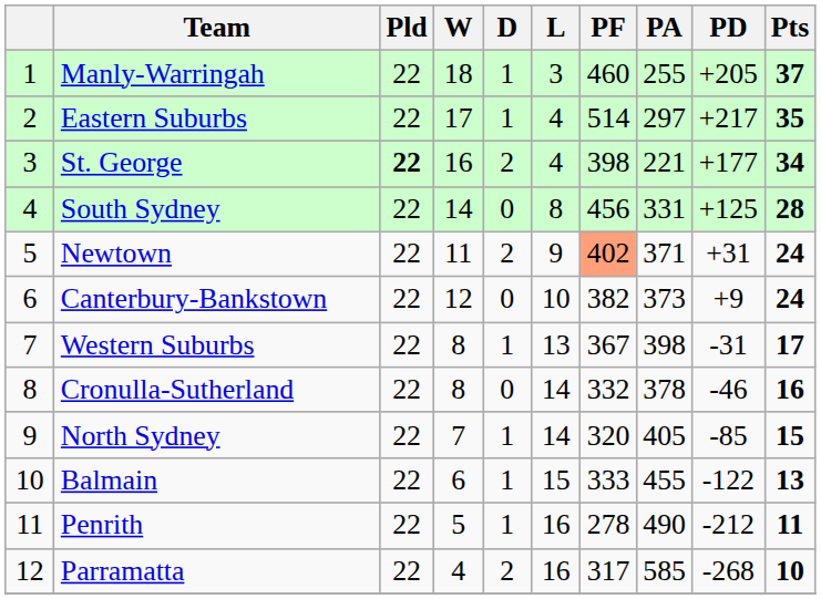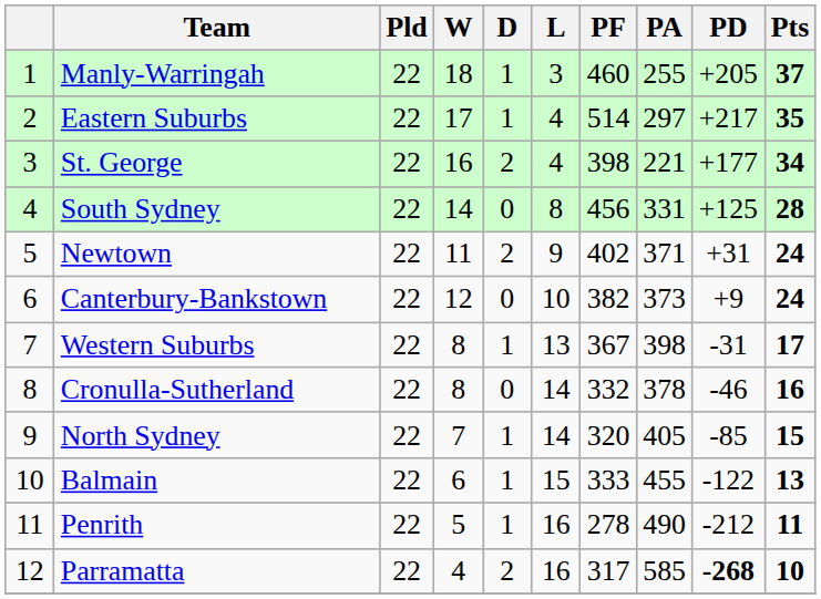 <table class="wikitable" style="text-align:center;">
 <tr>
 <th width=20 abbr="Position×"></th>
 <th width=175>Team</th>
 <th width=20 abbr="Played">Pld</th>
 <th width=20 abbr="Won">W</th>
 <th width=20 abbr="Drawn">D</th>
 <th width=20 abbr="Lost">L</th>
 <th width=20 abbr="Points for">PF</th>
 <th width=20 abbr="Points against">PA</th>
 <th width=20 abbr="Points difference">PD</th>
 <th width=20 abbr="Points">Pts</th>
 </tr>
 <tr style="background: #ccffcc;">
 <td>1</td>
 <td style="text-align:left;"> <a href='#'>Manly-Warringah</a></td>
 <td>22</td>
 <td>18</td>
 <td>1</td>
 <td>3</td>
 <td>460</td>
 <td>255</td>
 <td>+205</td>
 <td><strong>37</strong></td>
 </tr>
 <tr style="background: #ccffcc;">
 <td>2</td>
 <td style="text-align:left;"> <a href='#'>Eastern Suburbs</a></td>
 <td>22</td>
 <td>17</td>
 <td>1</td>
 <td>4</td>
 <td>514</td>
 <td>297</td>
 <td>+217</td>
 <td><strong>35</strong></td>
 </tr>
 <tr style="background: #ccffcc;">
 <td>3</td>
 <td style="text-align:left;"> <a href='#'>St. George</a></td>
-<td><strong>22</strong></td>
+<td>22</td>
 <td>16</td>
 <td>2</td>
 <td>4</td>
 <td>398</td>
 <td>221</td>
 <td>+177</td>
 <td><strong>34</strong></td>
 </tr>
 <tr style="background: #ccffcc;">
 <td>4</td>
 <td style="text-align:left;"> <a href='#'>South Sydney</a></td>
 <td>22</td>
 <td>14</td>
 <td>0</td>
 <td>8</td>
 <td>456</td>
 <td>331</td>
 <td>+125</td>
 <td><strong>28</strong></td>
 </tr>
 <tr>
 <td>5</td>
 <td style="text-align:left;"> <a href='#'>Newtown</a></td>
 <td>22</td>
 <td>11</td>
 <td>2</td>
 <td>9</td>
-<td style="background: lightsalmon;">402</td>
+<td>402</td>
 <td>371</td>
 <td>+31</td>
 <td><strong>24</strong></td>
 </tr>
 <tr>
 <td>6</td>
 <td style="text-align:left;"> <a href='#'>Canterbury-Bankstown</a></td>
 <td>22</td>
 <td>12</td>
 <td>0</td>
 <td>10</td>
 <td>382</td>
 <td>373</td>
 <td>+9</td>
 <td><strong>24</strong></td>
 </tr>
 <tr>
 <td>7</td>
 <td style="text-align:left;"> <a href='#'>Western Suburbs</a></td>
 <td>22</td>
 <td>8</td>
 <td>1</td>
 <td>13</td>
 <td>367</td>
 <td>398</td>
 <td>-31</td>
 <td><strong>17</strong></td>
 </tr>
 <tr>
 <td>8</td>
 <td style="text-align:left;"> <a href='#'>Cronulla-Sutherland</a></td>
 <td>22</td>
 <td>8</td>
 <td>0</td>
 <td>14</td>
 <td>332</td>
 <td>378</td>
 <td>-46</td>
 <td><strong>16</strong></td>
 </tr>
 <tr>
 <td>9</td>
 <td style="text-align:left;"> <a href='#'>North Sydney</a></td>
 <td>22</td>
 <td>7</td>
 <td>1</td>
 <td>14</td>
 <td>320</td>
 <td>405</td>
 <td>-85</td>
 <td><strong>15</strong></td>
 </tr>
 <tr>
 <td>10</td>
 <td style="text-align:left;"> <a href='#'>Balmain</a></td>
 <td>22</td>
 <td>6</td>
 <td>1</td>
 <td>15</td>
 <td>333</td>
 <td>455</td>
 <td>-122</td>
 <td><strong>13</strong></td>
 </tr>
 <tr>
 <td>11</td>
 <td style="text-align:left;"> <a href='#'>Penrith</a></td>
 <td>22</td>
 <td>5</td>
 <td>1</td>
 <td>16</td>
 <td>278</td>
 <td>490</td>
 <td>-212</td>
 <td><strong>11</strong></td>
 </tr>
 <tr>
 <td>12</td>
 <td style="text-align:left;"> <a href='#'>Parramatta</a></td>
 <td>22</td>
 <td>4</td>
 <td>2</td>
 <td>16</td>
 <td>317</td>
 <td>585</td>
-<td>-268</td>
+<td><strong>-268</strong></td>
 <td><strong>10</strong></td>
 </tr>
 <tr>
 </tr>
 </table>
